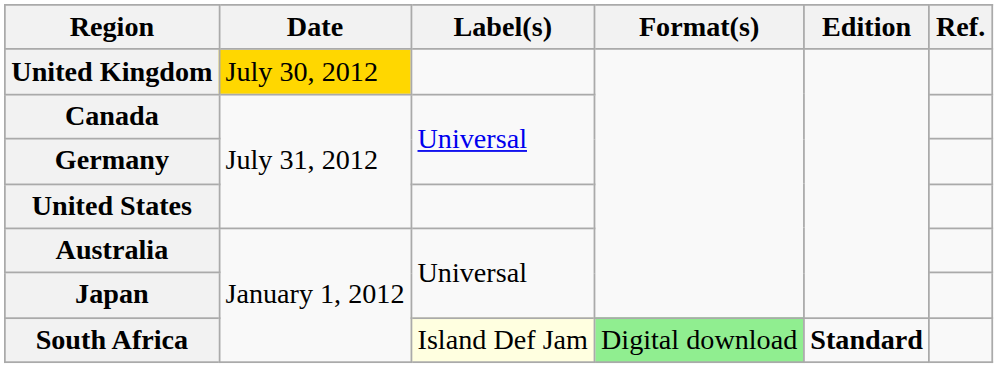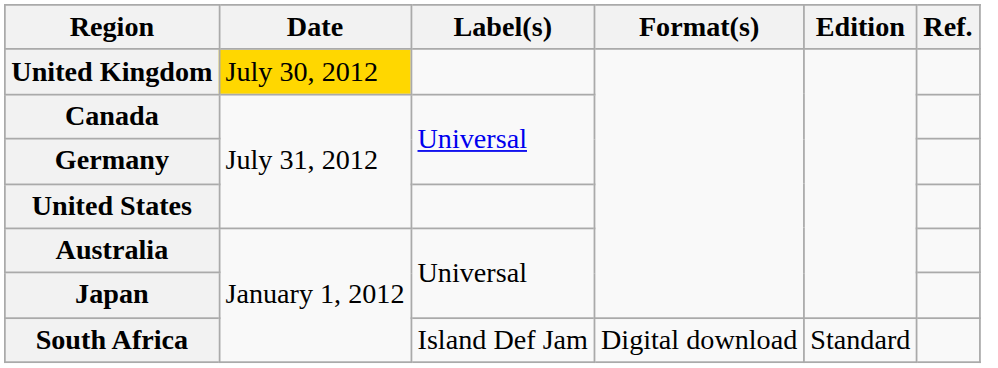 <table class="wikitable plainrowheaders">
 <tr>
 <th scope="col">Region</th>
 <th scope="col">Date</th>
 <th scope="col">Label(s)</th>
 <th scope="col">Format(s)</th>
 <th scope="col">Edition</th>
 <th scope="col">Ref.</th>
 </tr>
 <tr>
 <th scope="row">United Kingdom</th>
 <td style="background: gold;">July 30, 2012</td>
 <td></td>
 <td rowspan="6"></td>
 <td rowspan="6"></td>
 <td></td>
 </tr>
 <tr>
 <th scope="row">Canada</th>
 <td rowspan="3">July 31, 2012</td>
 <td rowspan="2"><a href='#'>Universal</a></td>
 <td></td>
 </tr>
 <tr>
 <th scope="row">Germany</th>
 <td></td>
 </tr>
 <tr>
 <th scope="row">United States</th>
 <td></td>
 <td></td>
 </tr>
 <tr>
 <th scope="row">Australia</th>
 <td rowspan="3">January 1, 2012</td>
 <td rowspan="2">Universal</td>
 <td></td>
 </tr>
 <tr>
 <th scope="row">Japan</th>
 <td></td>
 </tr>
 <tr>
 <th scope="row">South Africa</th>
-<td style="background: lightyellow;">Island Def Jam</td>
-<td style="background: lightgreen;">Digital download</td>
-<td><strong>Standard</strong></td>
+<td>Island Def Jam</td>
+<td>Digital download</td>
+<td>Standard</td>
 <td></td>
 </tr>
 </table>
